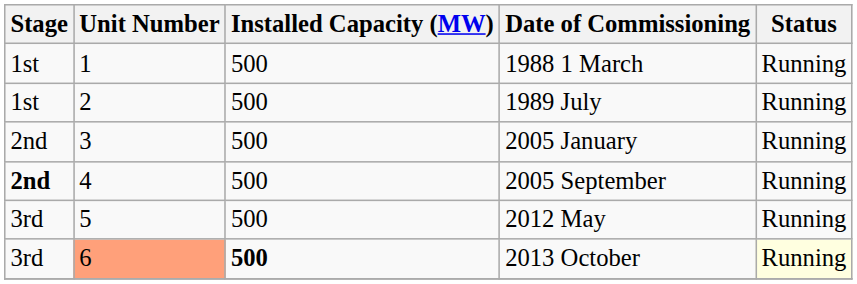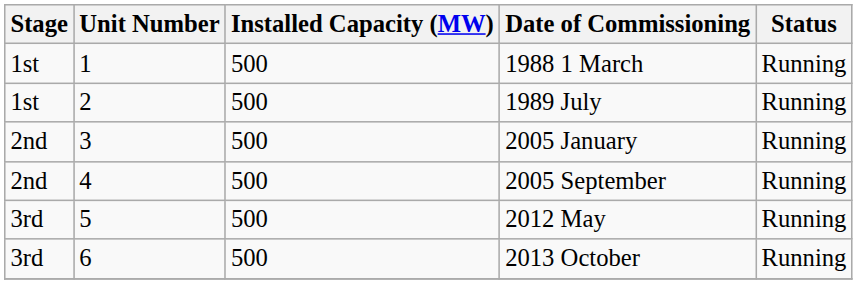 <table class="wikitable">
 <tr>
 <th>Stage</th>
 <th>Unit Number</th>
 <th>Installed Capacity (<a href='#'>MW</a>)</th>
 <th>Date of Commissioning</th>
 <th>Status</th>
 </tr>
 <tr>
 <td>1st</td>
 <td>1</td>
 <td>500</td>
 <td>1988 1 March</td>
 <td>Running</td>
 </tr>
 <tr>
 <td>1st</td>
 <td>2</td>
 <td>500</td>
 <td>1989 July</td>
 <td>Running</td>
 </tr>
 <tr>
 <td>2nd</td>
 <td>3</td>
 <td>500</td>
 <td>2005 January</td>
 <td>Running</td>
 </tr>
 <tr>
-<td><strong>2nd</strong></td>
+<td>2nd</td>
 <td>4</td>
 <td>500</td>
 <td>2005 September</td>
 <td>Running</td>
 </tr>
 <tr>
 <td>3rd</td>
 <td>5</td>
 <td>500</td>
 <td>2012 May </td>
 <td>Running</td>
 </tr>
 <tr>
 <td>3rd</td>
-<td style="background: lightsalmon;">6</td>
-<td><strong>500</strong></td>
+<td>6</td>
+<td>500</td>
 <td>2013 October</td>
-<td style="background: lightyellow;">Running </td>
+<td>Running </td>
 </tr>
 <tr>
 </tr>
 </table>
